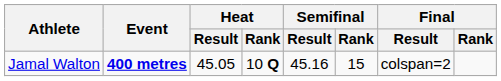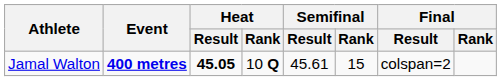 <table class=wikitable style=font-size:90%>
 <tr>
 <th rowspan=2>Athlete</th>
 <th rowspan=2>Event</th>
 <th colspan=2>Heat</th>
 <th colspan=2>Semifinal</th>
 <th colspan=2>Final</th>
 </tr>
 <tr style=font-size:95%>
 <th>Result</th>
 <th>Rank</th>
 <th>Result</th>
 <th>Rank</th>
 <th>Result</th>
 <th>Rank</th>
 </tr>
 <tr align=center>
 <td align=left><a href='#'>Jamal Walton</a></td>
 <td align=left><strong><a href='#'>400 metres</a></strong></td>
-<td>45.05</td>
+<td><strong>45.05</strong></td>
 <td>10 <strong>Q</strong></td>
-<td>45.16</td>
+<td>45.61</td>
 <td>15</td>
 <td>colspan=2 </td>
 </tr>
 </table>
